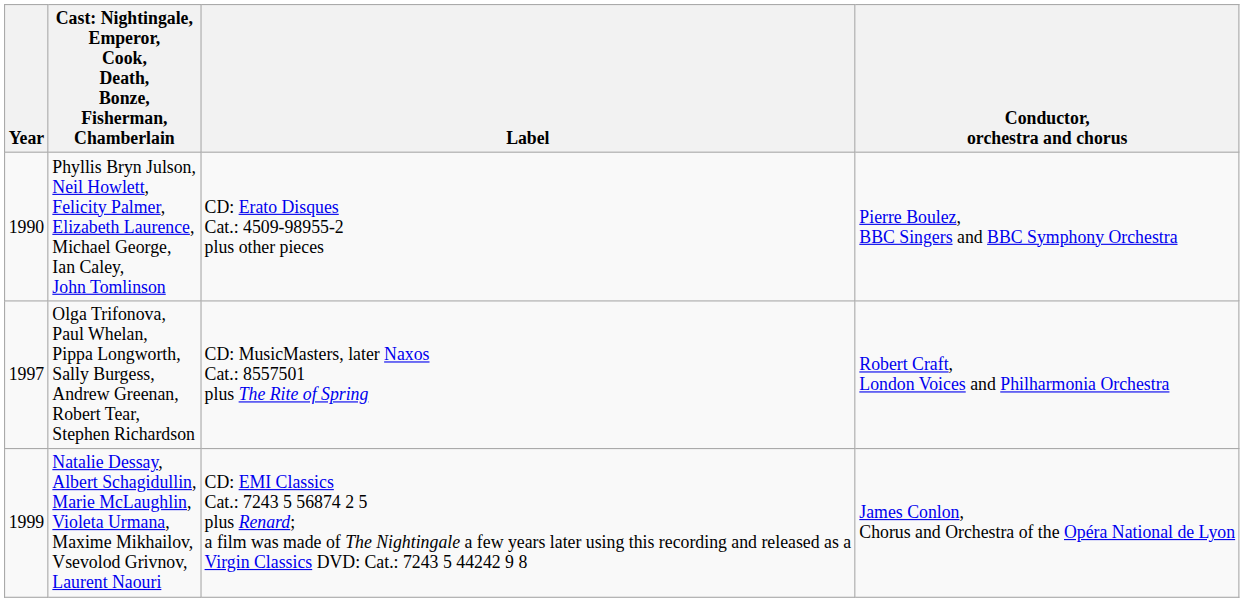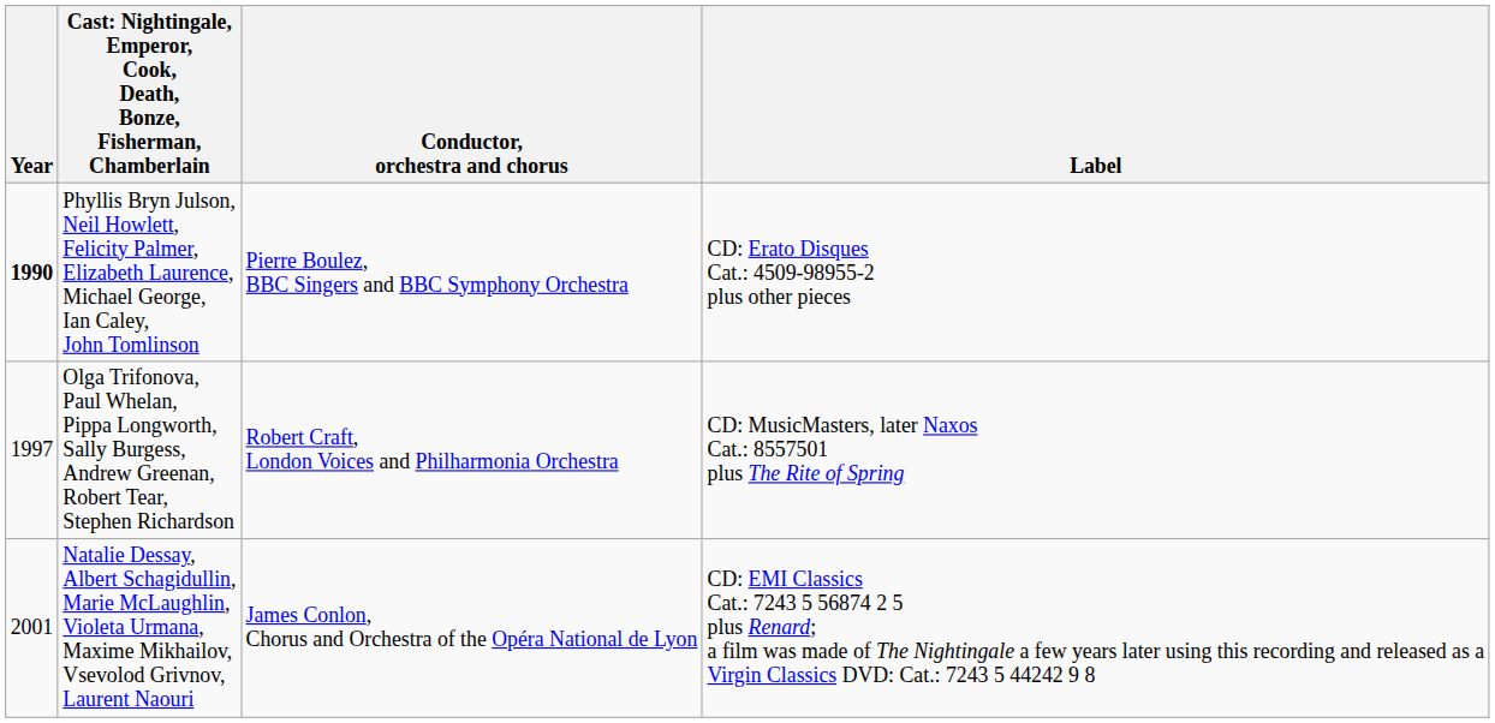 <table class="wikitable">
 <tr style="vertical-align: bottom;">
 <th>Year</th>
 <th>Cast: Nightingale,<br>Emperor,<br>Cook,<br>Death,<br>Bonze,<br>Fisherman,<br>Chamberlain</th>
+<th>Conductor,<br>orchestra and chorus</th>
 <th>Label</th>
-<th>Conductor,<br>orchestra and chorus</th>
 </tr>
 <tr>
-<td>1990</td>
+<td><strong>1990</strong></td>
 <td>Phyllis Bryn Julson,<br><a href='#'>Neil Howlett</a>,<br><a href='#'>Felicity Palmer</a>,<br><a href='#'>Elizabeth Laurence</a>,<br>Michael George,<br>Ian Caley,<br><a href='#'>John Tomlinson</a></td>
+<td><a href='#'>Pierre Boulez</a>,<br><a href='#'>BBC Singers</a> and <a href='#'>BBC Symphony Orchestra</a></td>
 <td>CD: <a href='#'>Erato Disques</a><br>Cat.: 4509-98955-2<br>plus other pieces</td>
-<td><a href='#'>Pierre Boulez</a>,<br><a href='#'>BBC Singers</a> and <a href='#'>BBC Symphony Orchestra</a></td>
 </tr>
 <tr>
 <td>1997</td>
 <td>Olga Trifonova,<br>Paul Whelan,<br>Pippa Longworth,<br>Sally Burgess,<br>Andrew Greenan,<br>Robert Tear,<br>Stephen Richardson</td>
+<td><a href='#'>Robert Craft</a>,<br><a href='#'>London Voices</a> and <a href='#'>Philharmonia Orchestra</a></td>
 <td>CD: MusicMasters, later <a href='#'>Naxos</a><br>Cat.: 8557501<br>plus <em><a href='#'>The Rite of Spring</a></em></td>
-<td><a href='#'>Robert Craft</a>,<br><a href='#'>London Voices</a> and <a href='#'>Philharmonia Orchestra</a></td>
 </tr>
 <tr>
-<td>1999</td>
+<td>2001</td>
 <td><a href='#'>Natalie Dessay</a>,<br><a href='#'>Albert Schagidullin</a>,<br><a href='#'>Marie McLaughlin</a>,<br><a href='#'>Violeta Urmana</a>,<br>Maxime Mikhailov,<br>Vsevolod Grivnov,<br><a href='#'>Laurent Naouri</a></td>
+<td><a href='#'>James Conlon</a>,<br>Chorus and Orchestra of the <a href='#'>Opéra National de Lyon</a></td>
 <td>CD: <a href='#'>EMI Classics</a><br>Cat.: 7243 5 56874 2 5<br>plus <em><a href='#'>Renard</a></em>;<br>a film was made of <em>The Nightingale</em> a few years later using this recording and released as a<br><a href='#'>Virgin Classics</a> DVD: Cat.: 7243 5 44242 9 8</td>
-<td><a href='#'>James Conlon</a>,<br>Chorus and Orchestra of the <a href='#'>Opéra National de Lyon</a></td>
 </tr>
 </table>
